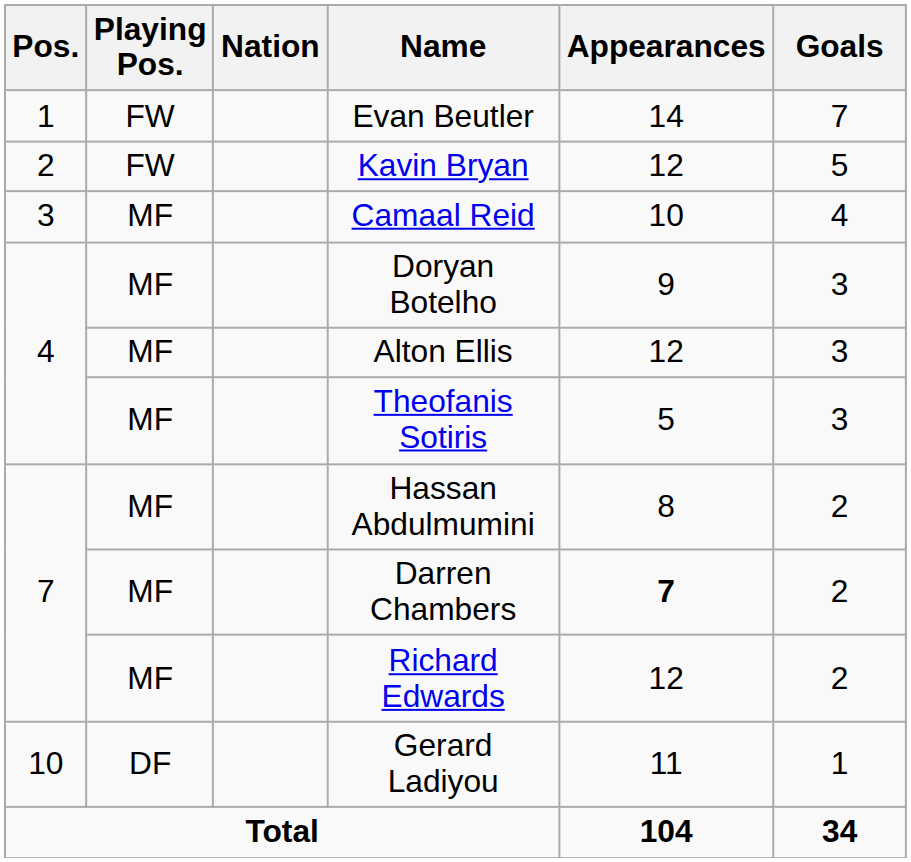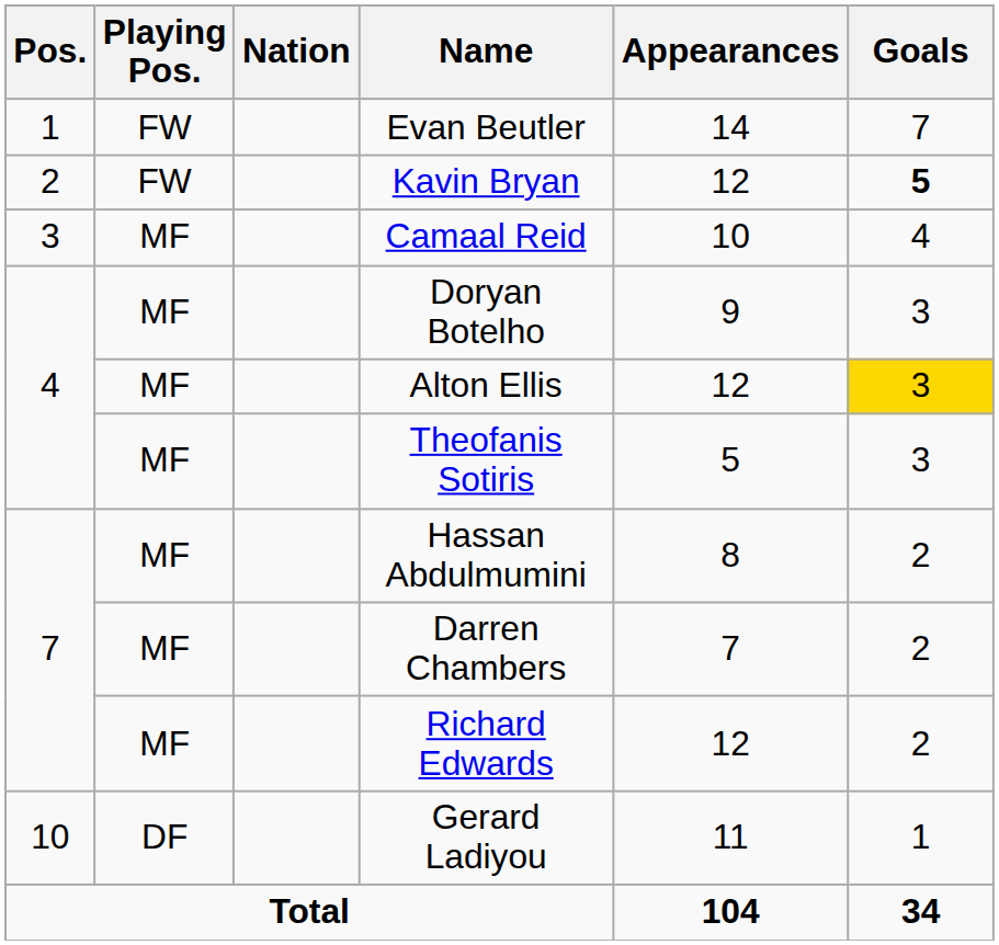 <table class="wikitable sortable" style="font-size:100%; text-align:center">
 <tr>
 <th width=15>Pos.</th>
 <th width=15>Playing Pos.</th>
 <th width=15>Nation</th>
 <th width=110>Name</th>
 <th width=50>Appearances</th>
 <th width=60>Goals</th>
 </tr>
 <tr>
 <td>1</td>
 <td>FW</td>
 <td></td>
 <td>Evan Beutler</td>
 <td>14</td>
 <td>7</td>
 </tr>
 <tr>
 <td>2</td>
 <td>FW</td>
 <td></td>
 <td><a href='#'>Kavin Bryan</a></td>
 <td>12</td>
-<td>5</td>
+<td><strong>5</strong></td>
 </tr>
 <tr>
 <td>3</td>
 <td>MF</td>
 <td></td>
 <td><a href='#'>Camaal Reid</a></td>
 <td>10</td>
 <td>4</td>
 </tr>
 <tr>
 <td rowspan=3>4</td>
 <td>MF</td>
 <td></td>
 <td>Doryan Botelho</td>
 <td>9</td>
 <td>3</td>
 </tr>
 <tr>
 <td>MF</td>
 <td></td>
 <td>Alton Ellis</td>
 <td>12</td>
-<td>3</td>
+<td style="background: gold;">3</td>
 </tr>
 <tr>
 <td>MF</td>
 <td></td>
 <td><a href='#'>Theofanis Sotiris</a></td>
 <td>5</td>
 <td>3</td>
 </tr>
 <tr>
 <td rowspan=3>7</td>
 <td>MF</td>
 <td></td>
 <td>Hassan Abdulmumini</td>
 <td>8</td>
 <td>2</td>
 </tr>
 <tr>
 <td>MF</td>
 <td></td>
 <td>Darren Chambers</td>
-<td><strong>7</strong></td>
+<td>7</td>
 <td>2</td>
 </tr>
 <tr>
 <td>MF</td>
 <td></td>
 <td><a href='#'>Richard Edwards</a></td>
 <td>12</td>
 <td>2</td>
 </tr>
 <tr>
 <td>10</td>
 <td>DF</td>
 <td></td>
 <td>Gerard Ladiyou</td>
 <td>11</td>
 <td>1</td>
 </tr>
 <tr>
 <td colspan=4><strong>Total</strong></td>
 <td><strong>104</strong></td>
 <td><strong>34</strong></td>
 </tr>
 <tr>
 </tr>
 </table>
